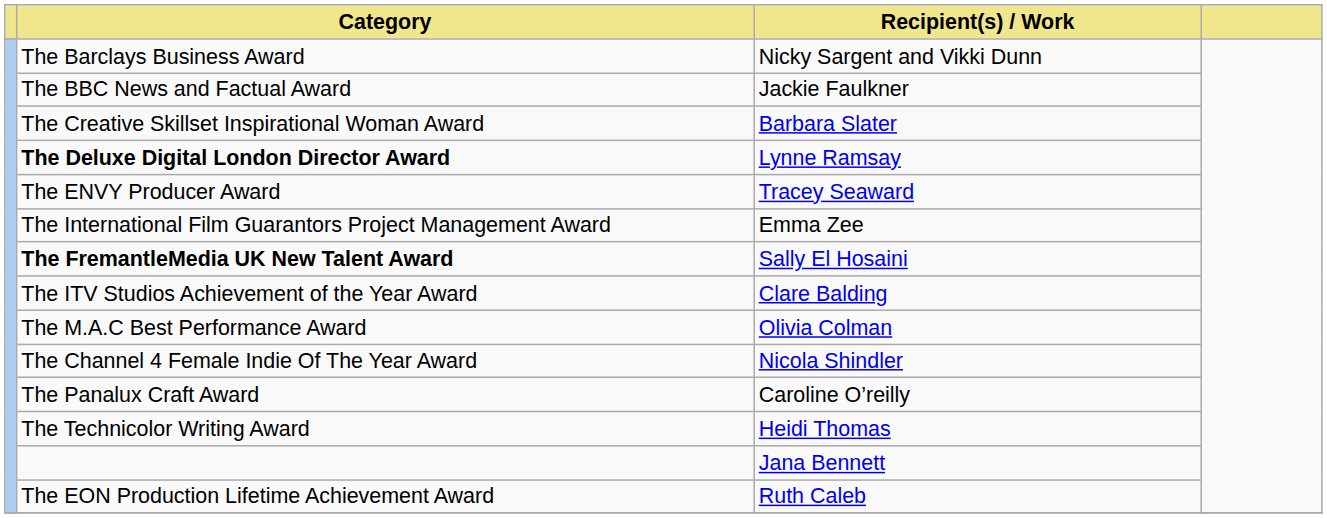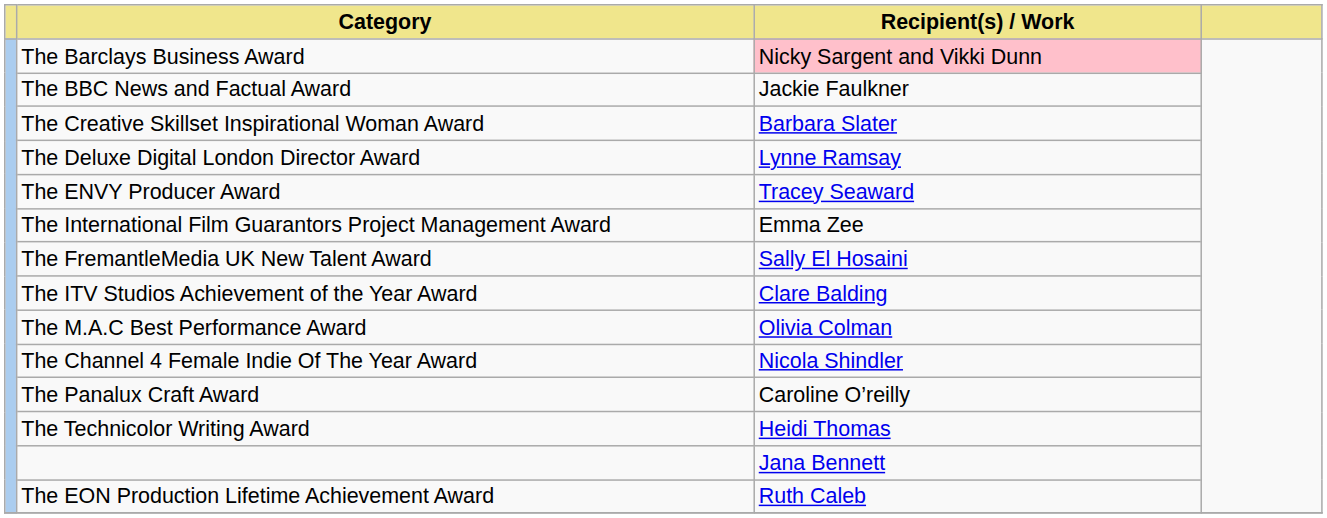 <table class="wikitable" width="70%" scope="col" style="text-align: left; font-size: 90%">
 <tr col>
 <th style="background:#F0E68C" width="1px"></th>
 <th style="background:#F0E68C" width="56%">Category</th>
 <th style="background:#F0E68C" width="34%">Recipient(s) / Work</th>
 <th style="background:#F0E68C" scope="col" class="unsortable"></th>
 </tr>
 <tr>
 <td style="background: #abcdef;" rowspan="14"></td>
 <td scope="col" style="align:left">The Barclays Business Award</td>
-<td>Nicky Sargent and Vikki Dunn</td>
+<td style="background: pink;">Nicky Sargent and Vikki Dunn</td>
 <td rowspan="14"></td>
 </tr>
 <tr>
 <td>The BBC News and Factual Award</td>
 <td>Jackie Faulkner</td>
 </tr>
 <tr>
 <td>The Creative Skillset Inspirational Woman Award</td>
 <td><a href='#'>Barbara Slater</a></td>
 </tr>
 <tr>
-<td><strong>The Deluxe Digital London Director Award</strong></td>
+<td>The Deluxe Digital London Director Award</td>
 <td><a href='#'>Lynne Ramsay</a></td>
 </tr>
 <tr>
 <td>The ENVY Producer Award</td>
 <td><a href='#'>Tracey Seaward</a></td>
 </tr>
 <tr>
 <td>The International Film Guarantors Project Management Award</td>
 <td>Emma Zee</td>
 </tr>
 <tr>
-<td><strong>The FremantleMedia UK New Talent Award</strong></td>
+<td>The FremantleMedia UK New Talent Award</td>
 <td><a href='#'>Sally El Hosaini</a></td>
 </tr>
 <tr>
 <td>The ITV Studios Achievement of the Year Award</td>
 <td><a href='#'>Clare Balding</a></td>
 </tr>
 <tr>
 <td>The M.A.C Best Performance Award</td>
 <td><a href='#'>Olivia Colman</a></td>
 </tr>
 <tr>
 <td>The Channel 4 Female Indie Of The Year Award</td>
 <td><a href='#'>Nicola Shindler</a></td>
 </tr>
 <tr>
 <td>The Panalux Craft Award</td>
 <td>Caroline O’reilly</td>
 </tr>
 <tr>
 <td>The Technicolor Writing Award</td>
 <td><a href='#'>Heidi Thomas</a></td>
 </tr>
 <tr>
 <td></td>
 <td><a href='#'>Jana Bennett</a></td>
 </tr>
 <tr>
 <td>The EON Production Lifetime Achievement Award</td>
 <td><a href='#'>Ruth Caleb</a></td>
 </tr>
 <tr>
 </tr>
 </table>
